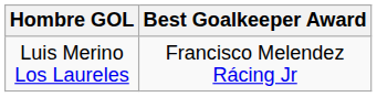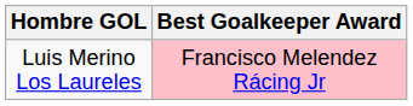 <table class="wikitable" style="margin: 0 auto;">
 <tr>
 <th>Hombre GOL</th>
 <th>Best Goalkeeper Award</th>
 </tr>
 <tr>
 <td align=center> Luis Merino <br> <a href='#'>Los Laureles</a></td>
-<td align=center> Francisco Melendez <br> <a href='#'>Rácing Jr</a></td>
+<td align=center style="background: pink;"> Francisco Melendez <br> <a href='#'>Rácing Jr</a></td>
 </tr>
 </table>
